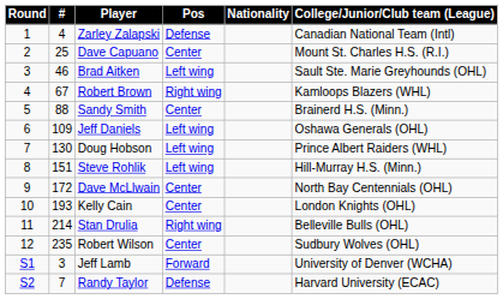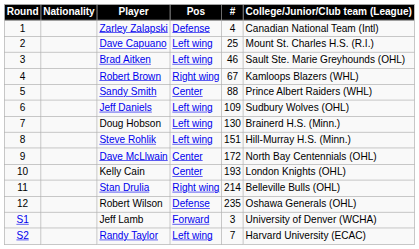 <table class="wikitable">
 <tr>
 <th style="color:white; background:#000000; ">Round</th>
-<th style="color:white; background:#000000; ">#</th>
+<th style="color:white; background:#000000; ">Nationality</th>
 <th style="color:white; background:#000000; ">Player</th>
 <th style="color:white; background:#000000; ">Pos</th>
-<th style="color:white; background:#000000; ">Nationality</th>
+<th style="color:white; background:#000000; ">#</th>
 <th style="color:white; background:#000000; ">College/Junior/Club team (League)</th>
 </tr>
 <tr>
 <td align=center>1</td>
-<td align=center>4</td>
+<td></td>
 <td><a href='#'>Zarley Zalapski</a></td>
 <td><a href='#'>Defense</a></td>
-<td></td>
+<td align=center>4</td>
 <td>Canadian National Team (Intl)</td>
 </tr>
 <tr>
 <td align=center>2</td>
+<td></td>
+<td><a href='#'>Dave Capuano</a></td>
+<td><a href='#'>Left wing</a></td>
 <td align=center>25</td>
-<td><a href='#'>Dave Capuano</a></td>
-<td><a href='#'>Center</a></td>
-<td></td>
 <td>Mount St. Charles H.S. (R.I.)</td>
 </tr>
 <tr>
 <td align=center>3</td>
-<td align=center>46</td>
+<td></td>
 <td><a href='#'>Brad Aitken</a></td>
 <td><a href='#'>Left wing</a></td>
-<td></td>
+<td align=center>46</td>
 <td>Sault Ste. Marie Greyhounds (OHL)</td>
 </tr>
 <tr>
 <td align=center>4</td>
-<td align=center>67</td>
+<td></td>
 <td><a href='#'>Robert Brown</a></td>
 <td><a href='#'>Right wing</a></td>
-<td></td>
+<td align=center>67</td>
 <td>Kamloops Blazers (WHL)</td>
 </tr>
 <tr>
 <td align=center>5</td>
-<td align=center>88</td>
+<td></td>
 <td><a href='#'>Sandy Smith</a></td>
 <td><a href='#'>Center</a></td>
+<td align=center>88</td>
+<td>Prince Albert Raiders (WHL)</td>
+</tr>
+<tr>
+<td align=center>6</td>
 <td></td>
+<td><a href='#'>Jeff Daniels</a></td>
+<td><a href='#'>Left wing</a></td>
+<td align=center>109</td>
+<td>Sudbury Wolves (OHL)</td>
+</tr>
+<tr>
+<td align=center>7</td>
+<td></td>
+<td>Doug Hobson</td>
+<td><a href='#'>Left wing</a></td>
+<td align=center>130</td>
 <td>Brainerd H.S. (Minn.)</td>
 </tr>
 <tr>
-<td align=center>6</td>
-<td align=center>109</td>
-<td><a href='#'>Jeff Daniels</a></td>
-<td><a href='#'>Left wing</a></td>
+<td align=center>8</td>
 <td></td>
-<td>Oshawa Generals (OHL)</td>
-</tr>
-<tr>
-<td align=center>7</td>
-<td align=center>130</td>
-<td>Doug Hobson</td>
-<td><a href='#'>Left wing</a></td>
-<td></td>
-<td>Prince Albert Raiders (WHL)</td>
-</tr>
-<tr>
-<td align=center>8</td>
-<td align=center>151</td>
 <td><a href='#'>Steve Rohlik</a></td>
 <td><a href='#'>Left wing</a></td>
-<td></td>
+<td align=center>151</td>
 <td>Hill-Murray H.S. (Minn.)</td>
 </tr>
 <tr>
 <td align=center>9</td>
-<td align=center>172</td>
+<td></td>
 <td><a href='#'>Dave McLlwain</a></td>
 <td><a href='#'>Center</a></td>
-<td></td>
+<td align=center>172</td>
 <td>North Bay Centennials (OHL)</td>
 </tr>
 <tr>
 <td align=center>10</td>
-<td align=center>193</td>
+<td></td>
 <td>Kelly Cain</td>
 <td><a href='#'>Center</a></td>
-<td></td>
+<td align=center>193</td>
 <td>London Knights (OHL)</td>
 </tr>
 <tr>
 <td align=center>11</td>
-<td align=center>214</td>
+<td></td>
 <td><a href='#'>Stan Drulia</a></td>
 <td><a href='#'>Right wing</a></td>
-<td></td>
+<td align=center>214</td>
 <td>Belleville Bulls (OHL)</td>
 </tr>
 <tr>
 <td align=center>12</td>
+<td></td>
+<td>Robert Wilson</td>
+<td><a href='#'>Defense</a></td>
 <td align=center>235</td>
-<td>Robert Wilson</td>
-<td><a href='#'>Center</a></td>
-<td></td>
-<td>Sudbury Wolves (OHL)</td>
+<td>Oshawa Generals (OHL)</td>
 </tr>
 <tr>
 <td align=center><a href='#'>S1</a></td>
-<td align=center>3</td>
+<td></td>
 <td>Jeff Lamb</td>
 <td><a href='#'>Forward</a></td>
-<td></td>
+<td align=center>3</td>
 <td>University of Denver (WCHA)</td>
 </tr>
 <tr>
 <td align=center><a href='#'>S2</a></td>
+<td></td>
+<td><a href='#'>Randy Taylor</a></td>
+<td><a href='#'>Left wing</a></td>
 <td align=center>7</td>
-<td><a href='#'>Randy Taylor</a></td>
-<td><a href='#'>Defense</a></td>
-<td></td>
 <td>Harvard University (ECAC)</td>
 </tr>
 </table>
